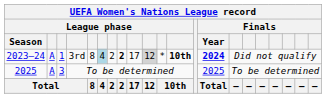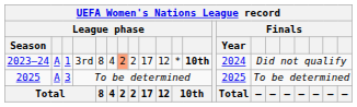 <table class="wikitable" style="text-align:center">
 <tr>
 <th colspan="22"><a href='#'>UEFA Women's Nations League</a> record</th>
 </tr>
 <tr>
 <th colspan="12">League phase</th>
 <th rowspan="5"></th>
 <th colspan="9">Finals</th>
 </tr>
 <tr>
 <th>Season</th>
 <th></th>
 <th></th>
 <th></th>
 <th></th>
 <th></th>
 <th></th>
 <th></th>
 <th></th>
 <th></th>
 <th></th>
 <th></th>
 <th>Year</th>
 <th></th>
 <th></th>
 <th></th>
 <th></th>
 <th></th>
 <th></th>
 <th></th>
 </tr>
 <tr>
 <td><a href='#'>2023–24</a></td>
 <td><a href='#'>A</a></td>
 <td><a href='#'>1</a></td>
 <td>3rd</td>
 <td>8</td>
-<td style="background: lightblue;">4</td>
+<td>4</td>
+<td style="background: lightsalmon;">2</td>
 <td>2</td>
-<td><strong>2</strong></td>
 <td>17</td>
-<td style="background: lightgrey;">12</td>
+<td>12</td>
 <td>*</td>
 <td><strong>10th</strong></td>
-<td><strong> <a href='#'>2024</a></strong></td>
+<td> <a href='#'>2024</a></td>
 <td colspan="8"><em>Did not qualify</em></td>
 </tr>
 <tr>
 <td><a href='#'>2025</a></td>
 <td><a href='#'>A</a></td>
 <td><a href='#'>3</a></td>
 <td colspan="9"><em>To be determined</em></td>
 <td> <a href='#'>2025</a></td>
 <td colspan="7"><em>To be determined</em></td>
 </tr>
 <tr>
 <th colspan="4">Total</th>
 <th>8</th>
 <th>4</th>
 <th>2</th>
 <th>2</th>
 <th>17</th>
 <th>12</th>
 <th colspan=2>10th</th>
 <th>Total</th>
 <th>–</th>
 <th>–</th>
 <th>–</th>
 <th>–</th>
 <th>–</th>
 <th>–</th>
 <th>–</th>
 </tr>
 </table>
